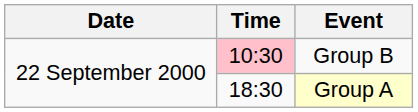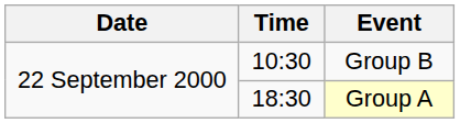 <table class = "wikitable" style="text-align:center;">
 <tr>
 <th width=150>Date</th>
 <th width=50>Time</th>
 <th width=80>Event</th>
 </tr>
 <tr>
 <td rowspan=2>22 September 2000</td>
-<td style="background: pink;">10:30</td>
+<td>10:30</td>
 <td>Group B</td>
 </tr>
 <tr>
 <td>18:30</td>
 <td bgcolor=ffffcc>Group A</td>
 </tr>
 </table>
